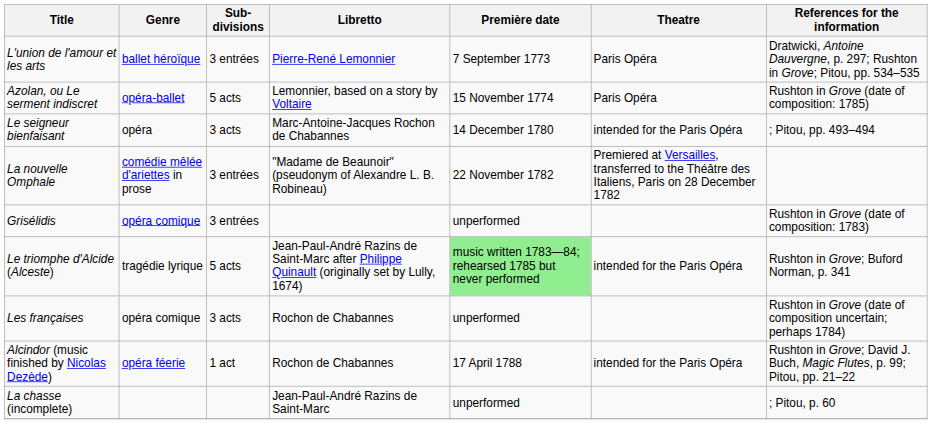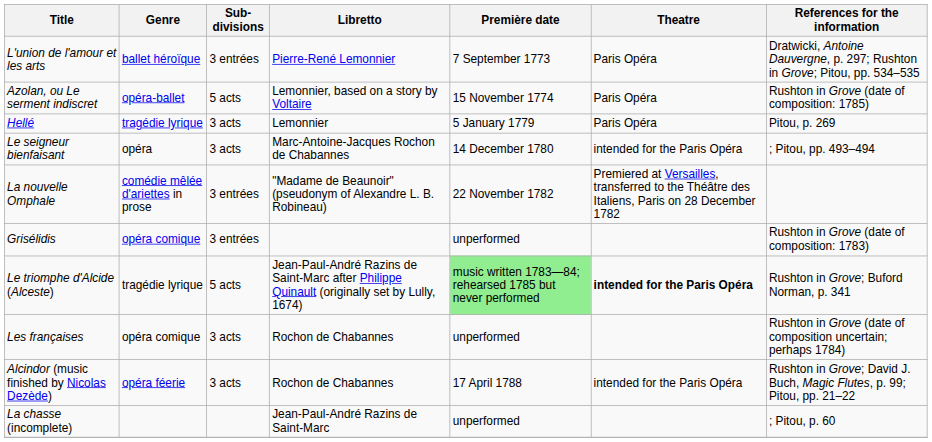 <table class="wikitable sortable">
 <tr>
 <th>Title</th>
 <th>Genre</th>
 <th>Sub­divisions</th>
 <th>Libretto</th>
 <th>Première date</th>
 <th>Theatre</th>
 <th>References for the information</th>
 </tr>
 <tr>
 <td><em>L'union de l'amour et les arts</em></td>
 <td><a href='#'>ballet héroïque</a></td>
 <td>3 entrées</td>
 <td><a href='#'>Pierre-René Lemonnier</a></td>
 <td>7 September 1773</td>
 <td>Paris Opéra</td>
 <td>Dratwicki, <em>Antoine Dauvergne</em>, p. 297; Rushton in <em>Grove</em>; Pitou, pp. 534–535</td>
 </tr>
 <tr>
 <td><em>Azolan, ou Le serment indiscret</em></td>
 <td><a href='#'>opéra-ballet</a></td>
 <td>5 acts</td>
 <td>Lemonnier, based on a story by <a href='#'>Voltaire</a></td>
 <td>15 November 1774</td>
 <td>Paris Opéra</td>
 <td>Rushton in <em>Grove</em> (date of composition: 1785)</td>
+</tr>
+<tr>
+<td><em><a href='#'>Hellé</a></em></td>
+<td><a href='#'>tragédie lyrique</a></td>
+<td>3 acts</td>
+<td>Lemonnier </td>
+<td>5 January 1779</td>
+<td>Paris Opéra</td>
+<td>Pitou, p. 269</td>
 </tr>
 <tr>
 <td><em>Le seigneur bienfaisant</em></td>
 <td>opéra</td>
 <td>3 acts</td>
 <td>Marc-Antoine-Jacques Rochon de Chabannes</td>
 <td>14 December 1780</td>
 <td>intended for the Paris Opéra</td>
 <td>; Pitou, pp. 493–494</td>
 </tr>
 <tr>
 <td><em>La nouvelle Omphale</em></td>
 <td><a href='#'>comédie mêlée d'ariettes</a> in prose</td>
 <td>3 entrées</td>
 <td>"Madame de Beaunoir" (pseudonym of Alexandre L. B. Robineau) </td>
 <td>22 November 1782</td>
 <td>Premiered at <a href='#'>Versailles</a>, transferred to the Théâtre des Italiens, Paris on 28 December 1782</td>
 <td></td>
 </tr>
 <tr>
 <td><em>Grisélidis</em></td>
 <td><a href='#'>opéra comique</a></td>
 <td>3 entrées</td>
 <td></td>
 <td>unperformed</td>
 <td></td>
 <td>Rushton in <em>Grove</em> (date of composition: 1783)</td>
 </tr>
 <tr>
 <td><em>Le triomphe d'Alcide</em> (<em>Alceste</em>)</td>
 <td>tragédie lyrique</td>
 <td>5 acts</td>
 <td>Jean-Paul-André Razins de Saint-Marc after <a href='#'>Philippe Quinault</a> (originally set by Lully, 1674)</td>
 <td style="background: lightgreen;">music written 1783—84; rehearsed 1785 but never performed</td>
-<td>intended for the Paris Opéra</td>
+<td><strong>intended for the Paris Opéra</strong></td>
 <td>Rushton in <em>Grove</em>; Buford Norman, p. 341</td>
 </tr>
 <tr>
 <td><em>Les françaises</em></td>
 <td>opéra comique</td>
 <td>3 acts</td>
 <td>Rochon de Chabannes</td>
 <td>unperformed</td>
 <td></td>
 <td>Rushton in <em>Grove</em> (date of composition uncertain; perhaps 1784)</td>
 </tr>
 <tr>
 <td><em>Alcindor</em> (music finished by <a href='#'>Nicolas Dezède</a>)</td>
 <td><a href='#'>opéra féerie</a></td>
-<td>1 act</td>
+<td>3 acts</td>
 <td>Rochon de Chabannes</td>
 <td>17 April 1788</td>
 <td>intended for the Paris Opéra</td>
 <td>Rushton in <em>Grove</em>; David J. Buch, <em>Magic Flutes</em>, p. 99; Pitou, pp. 21–22</td>
 </tr>
 <tr>
 <td><em>La chasse</em> (incomplete)</td>
 <td></td>
 <td></td>
 <td>Jean-Paul-André Razins de Saint-Marc</td>
 <td>unperformed</td>
 <td></td>
 <td>; Pitou, p. 60</td>
 </tr>
 <tr>
 </tr>
 </table>
